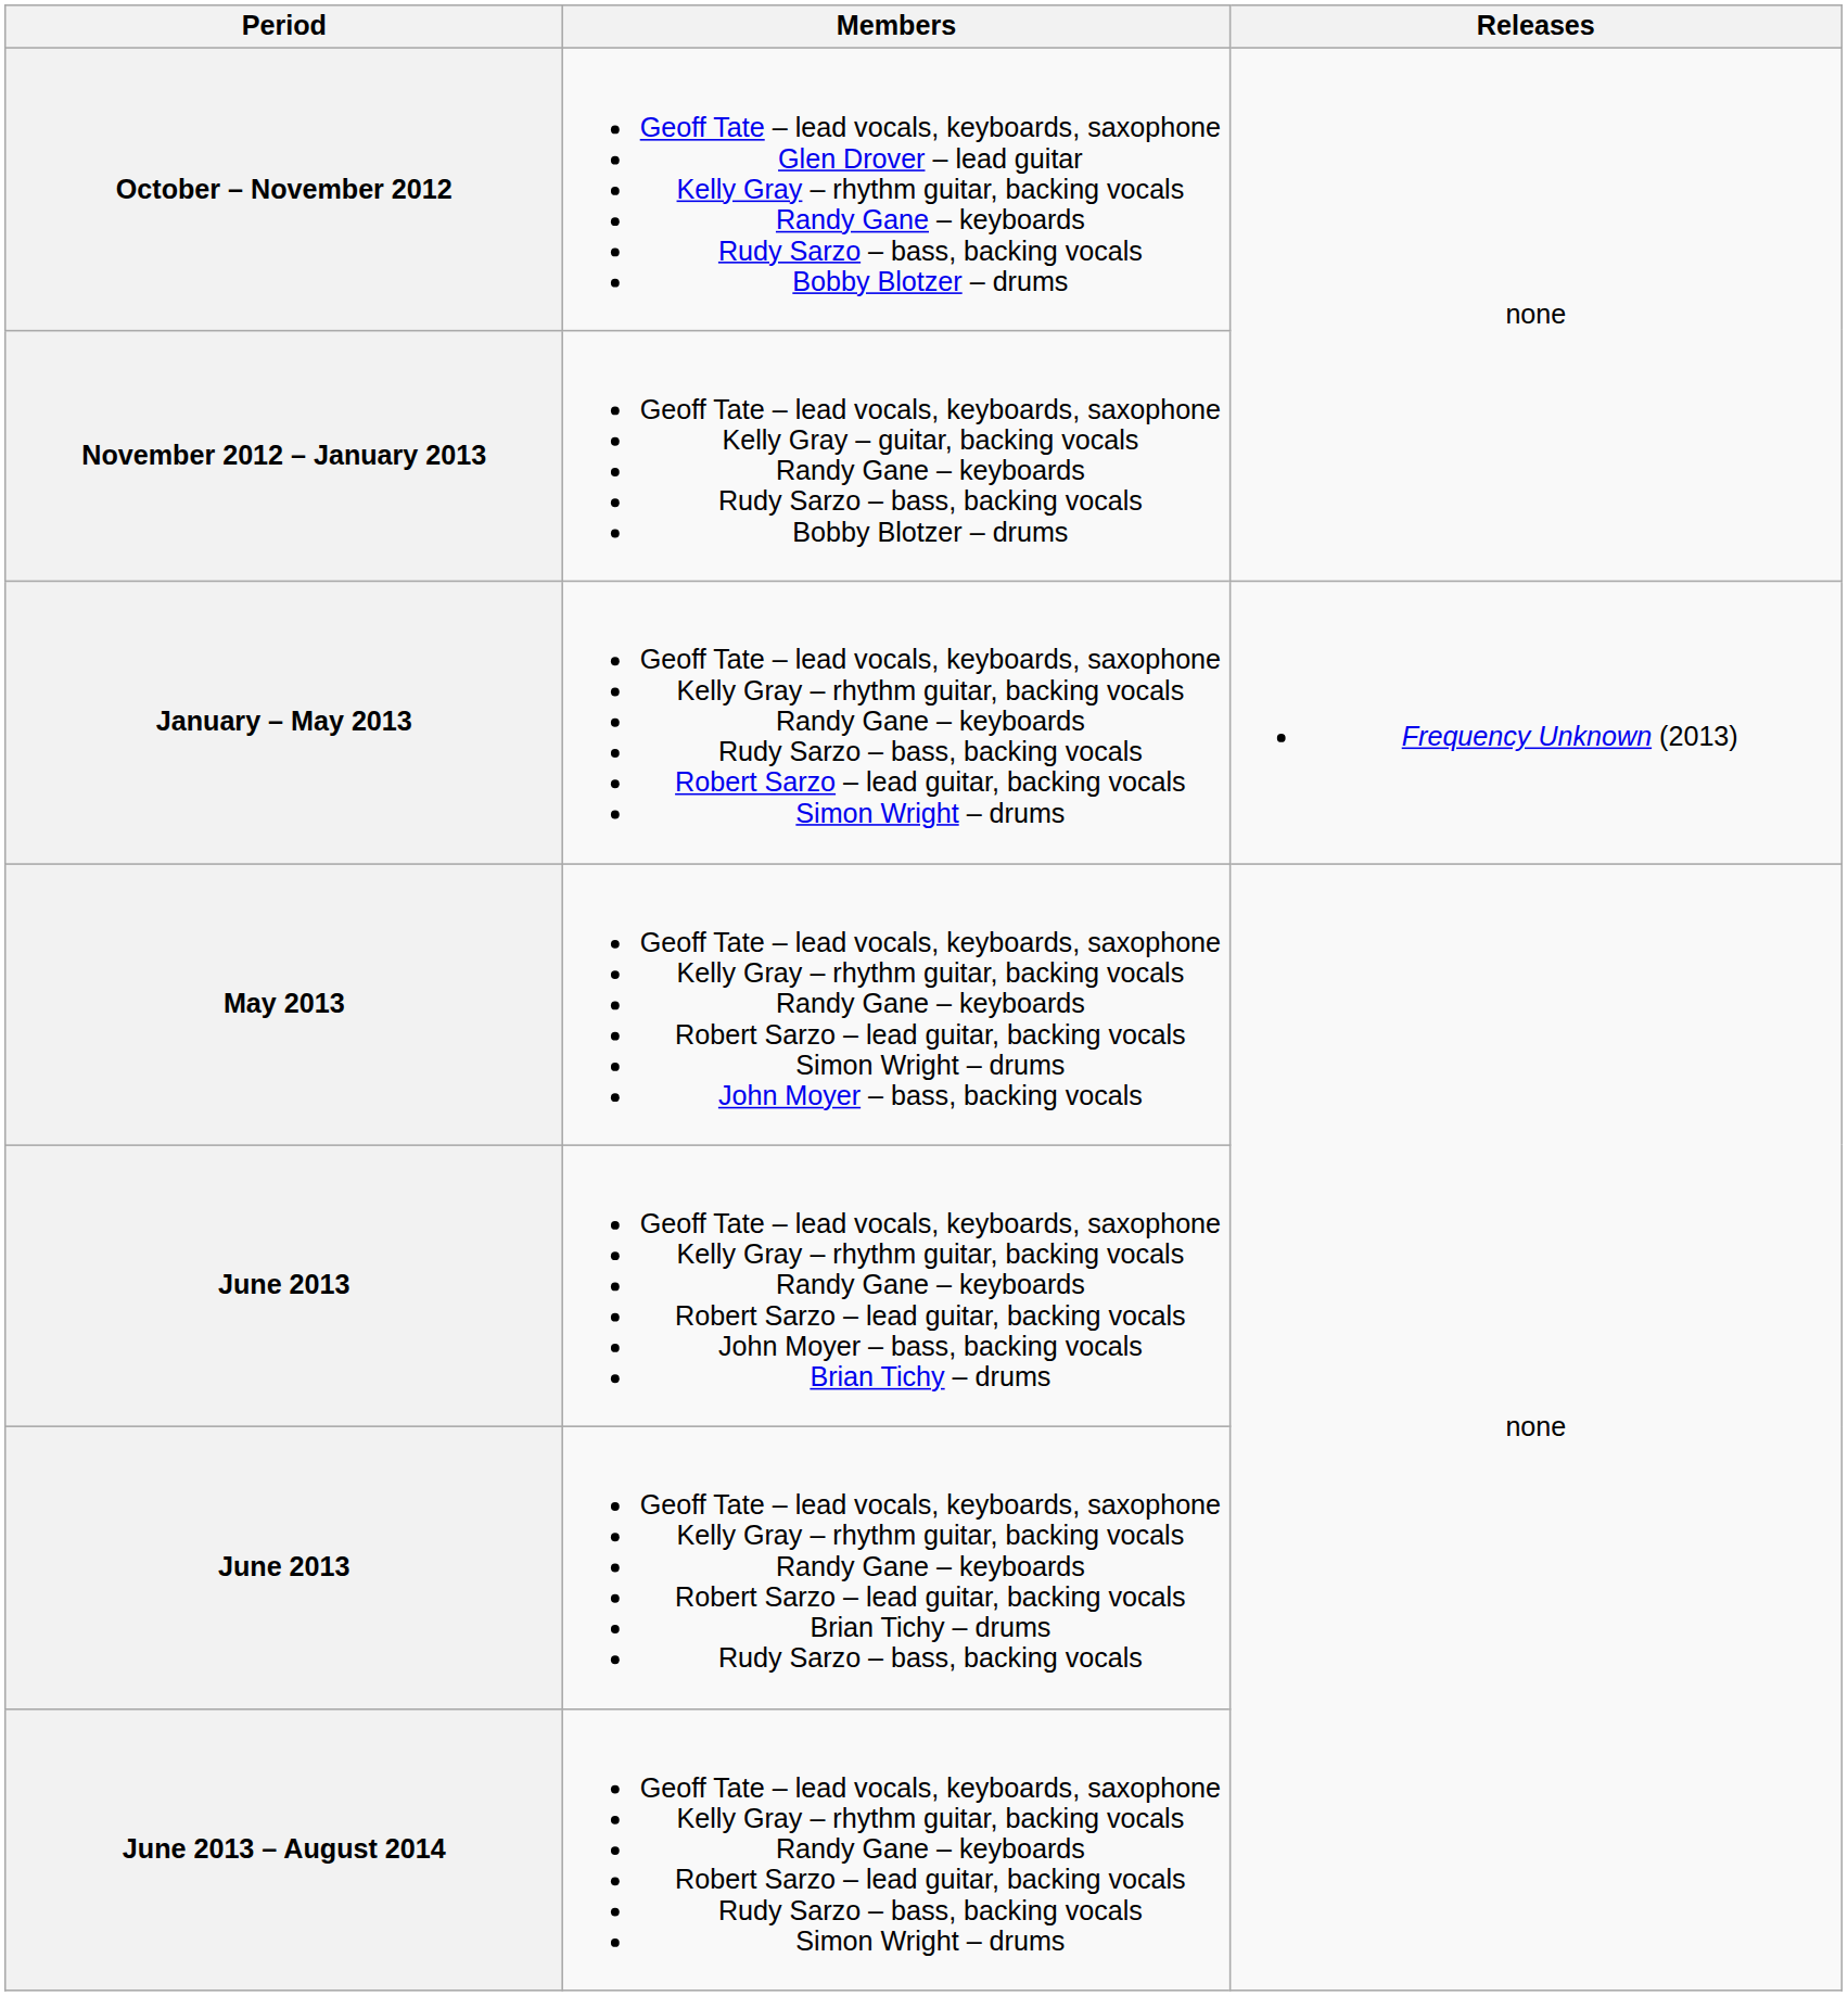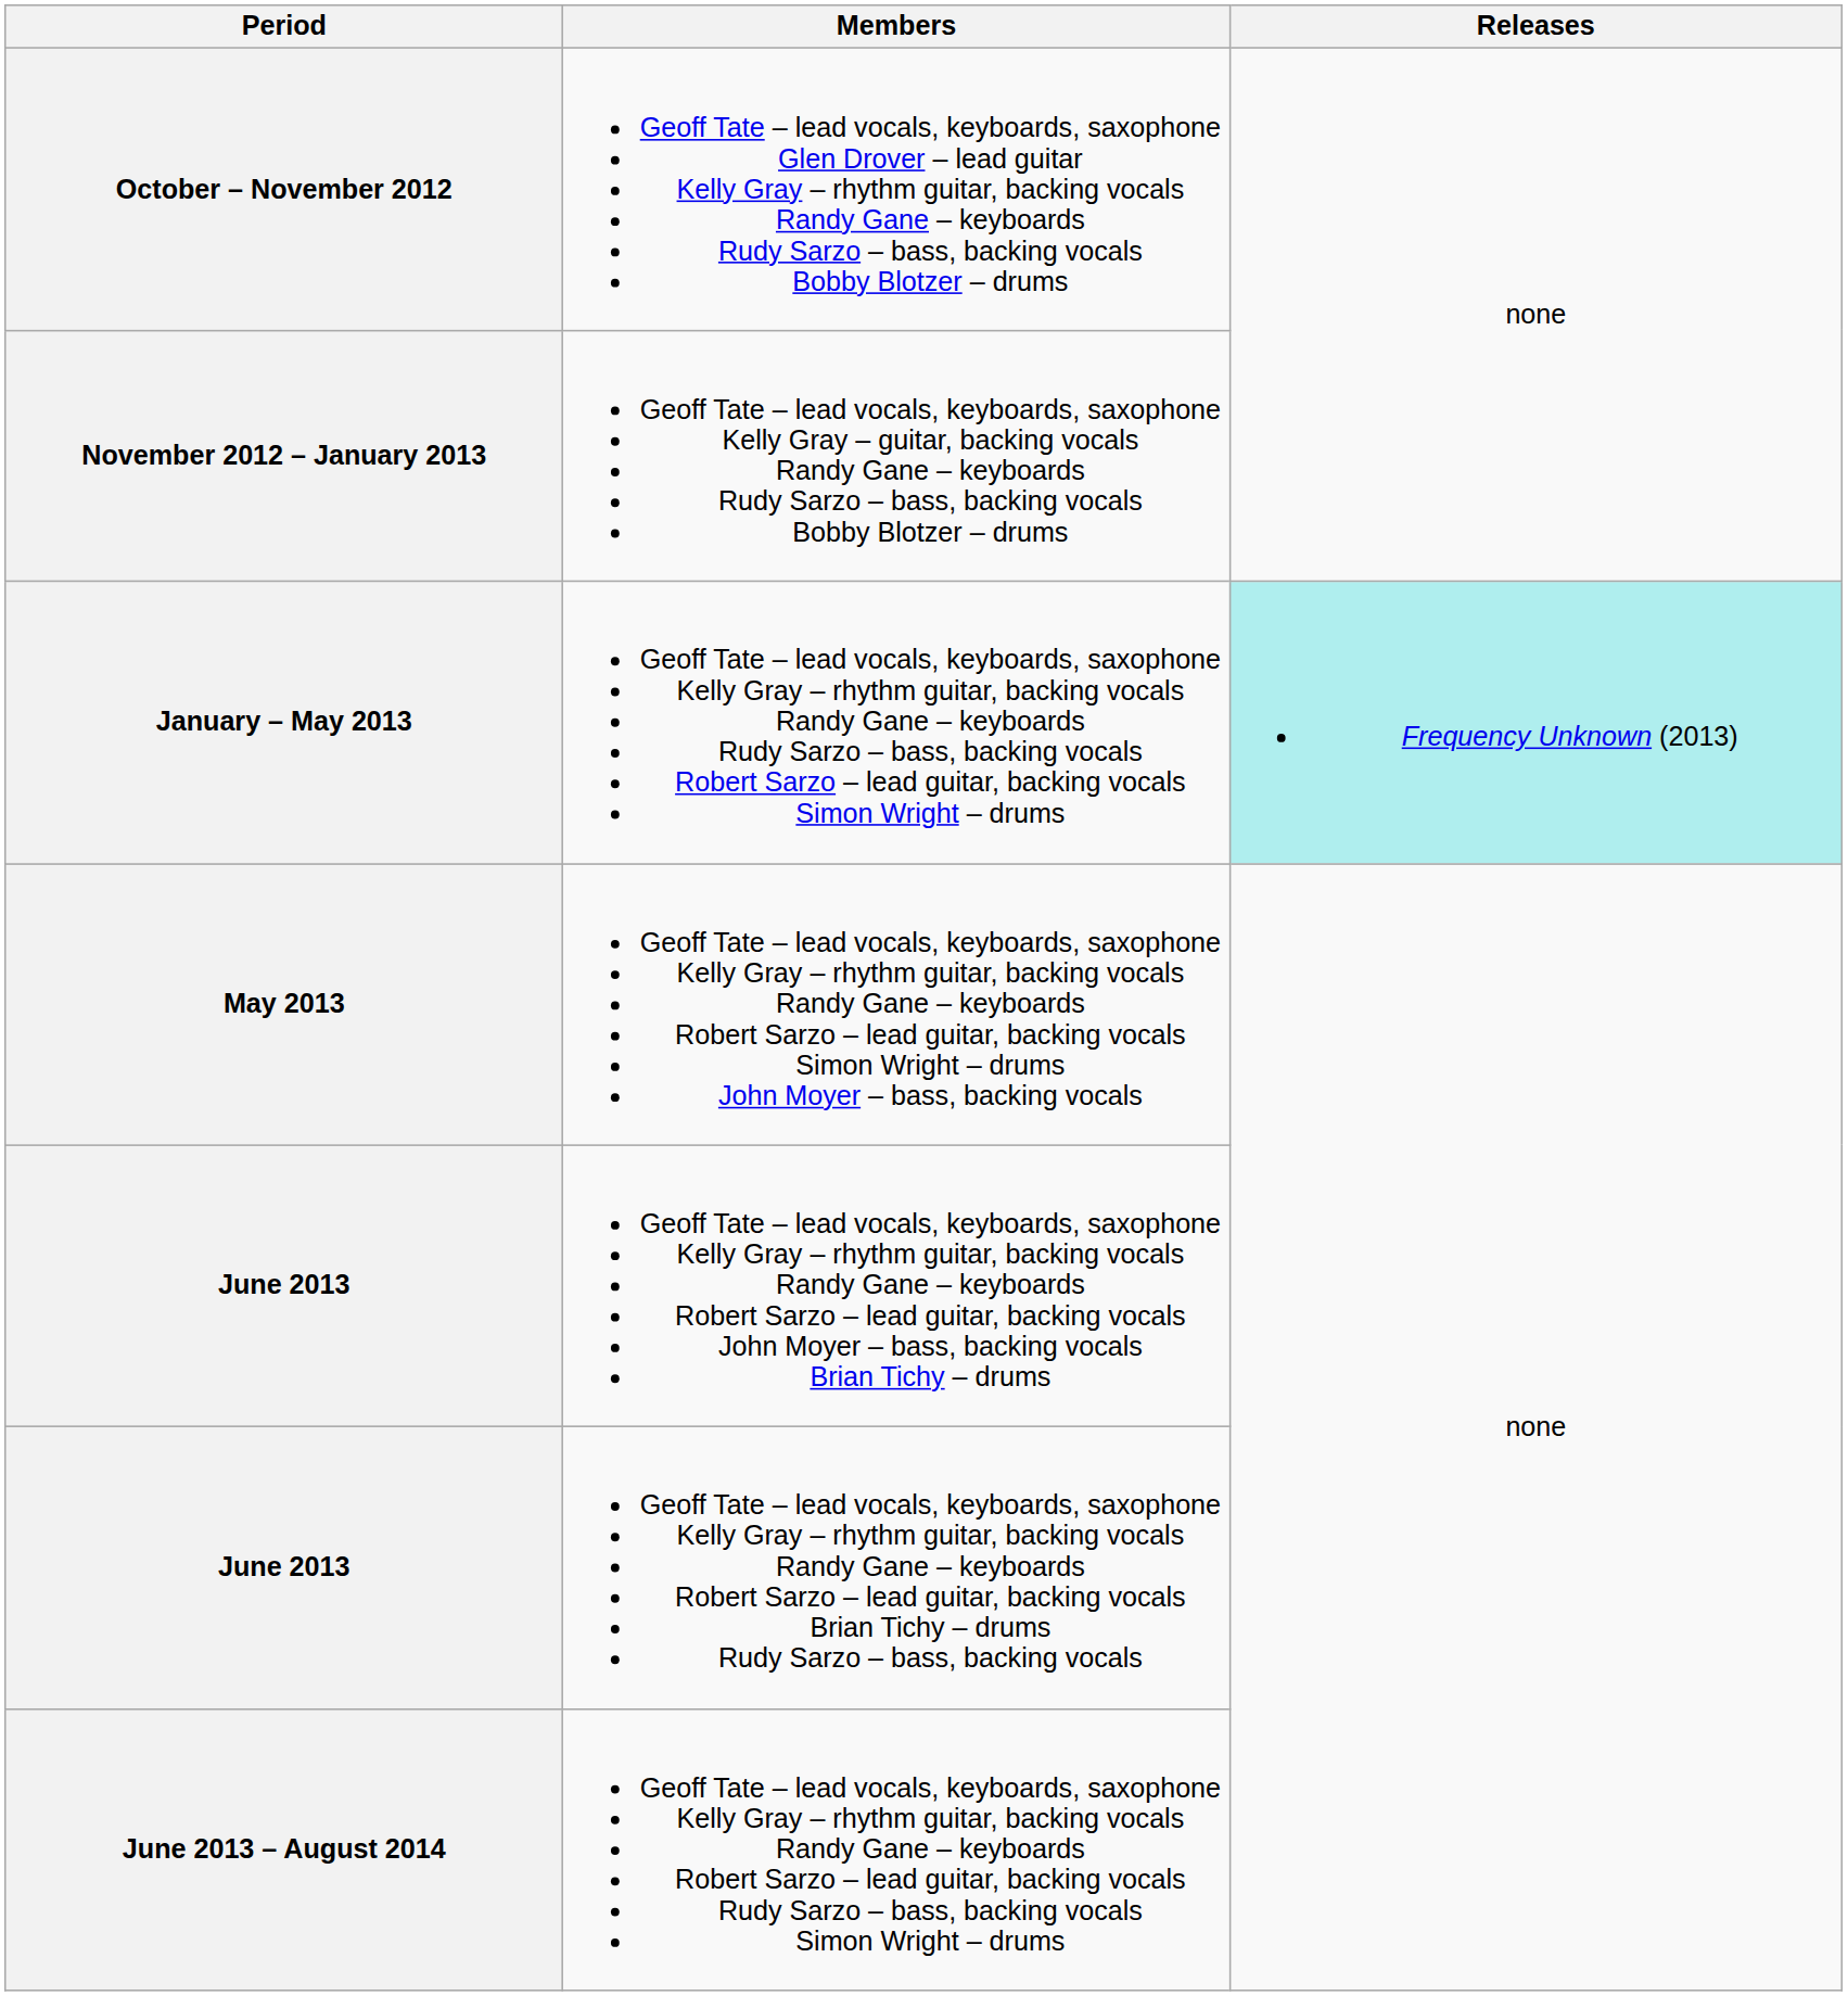 <table class="wikitable plainrowheaders" style="text-align:center;">
 <tr>
 <th scope="col" style="width:20em;">Period</th>
 <th scope="col" style="width:24em;">Members</th>
 <th scope="col" style="width:22em;">Releases</th>
 </tr>
 <tr>
 <th>October – November 2012</th>
 <td><br><ul><li><a href='#'>Geoff Tate</a> – lead vocals, keyboards, saxophone</li><li><a href='#'>Glen Drover</a> – lead guitar</li><li><a href='#'>Kelly Gray</a> – rhythm guitar, backing vocals</li><li><a href='#'>Randy Gane</a> – keyboards</li><li><a href='#'>Rudy Sarzo</a> – bass, backing vocals</li><li><a href='#'>Bobby Blotzer</a> – drums</li></ul></td>
 <td rowspan="2">none </td>
 </tr>
 <tr>
 <th>November 2012 – January 2013</th>
 <td><br><ul><li>Geoff Tate – lead vocals, keyboards, saxophone</li><li>Kelly Gray – guitar, backing vocals</li><li>Randy Gane – keyboards</li><li>Rudy Sarzo – bass, backing vocals</li><li>Bobby Blotzer – drums</li></ul></td>
 </tr>
 <tr>
 <th>January – May 2013</th>
 <td><br><ul><li>Geoff Tate – lead vocals, keyboards, saxophone</li><li>Kelly Gray – rhythm guitar, backing vocals</li><li>Randy Gane – keyboards</li><li>Rudy Sarzo – bass, backing vocals</li><li><a href='#'>Robert Sarzo</a> – lead guitar, backing vocals</li><li><a href='#'>Simon Wright</a> – drums</li></ul></td>
-<td><br><ul><li><em><a href='#'>Frequency Unknown</a></em> (2013)</li></ul></td>
+<td style="background: paleturquoise;"><br><ul><li><em><a href='#'>Frequency Unknown</a></em> (2013)</li></ul></td>
 </tr>
 <tr>
 <th>May 2013</th>
 <td><br><ul><li>Geoff Tate – lead vocals, keyboards, saxophone</li><li>Kelly Gray – rhythm guitar, backing vocals</li><li>Randy Gane – keyboards</li><li>Robert Sarzo – lead guitar, backing vocals</li><li>Simon Wright – drums</li><li><a href='#'>John Moyer</a> – bass, backing vocals </li></ul></td>
 <td rowspan="4">none </td>
 </tr>
 <tr>
 <th>June 2013</th>
 <td><br><ul><li>Geoff Tate – lead vocals, keyboards, saxophone</li><li>Kelly Gray – rhythm guitar, backing vocals</li><li>Randy Gane – keyboards</li><li>Robert Sarzo – lead guitar, backing vocals</li><li>John Moyer – bass, backing vocals </li><li><a href='#'>Brian Tichy</a> – drums </li></ul></td>
 </tr>
 <tr>
 <th>June 2013</th>
 <td><br><ul><li>Geoff Tate – lead vocals, keyboards, saxophone</li><li>Kelly Gray – rhythm guitar, backing vocals</li><li>Randy Gane – keyboards</li><li>Robert Sarzo – lead guitar, backing vocals</li><li>Brian Tichy – drums </li><li>Rudy Sarzo – bass, backing vocals</li></ul></td>
 </tr>
 <tr>
 <th>June 2013 – August 2014</th>
 <td><br><ul><li>Geoff Tate – lead vocals, keyboards, saxophone</li><li>Kelly Gray – rhythm guitar, backing vocals</li><li>Randy Gane – keyboards</li><li>Robert Sarzo – lead guitar, backing vocals</li><li>Rudy Sarzo – bass, backing vocals</li><li>Simon Wright – drums</li></ul></td>
 </tr>
 </table>
